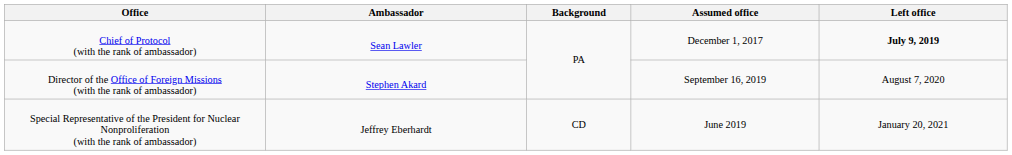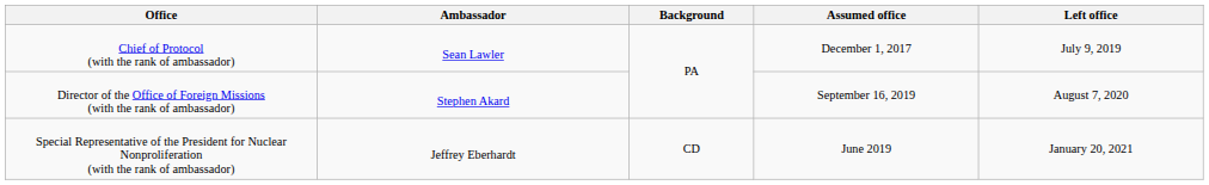 <table class="wikitable sortable" style="text-align:center">
 <tr>
 <th style="width:25%;">Office</th>
 <th style="width:25%;">Ambassador</th>
 <th style="width:10%;">Background</th>
 <th style="width:18%;">Assumed office</th>
 <th style="width:18%;">Left office</th>
 </tr>
 <tr>
 <td><br><a href='#'>Chief of Protocol</a><br>(with the rank of ambassador)</td>
 <td><br><a href='#'>Sean Lawler</a></td>
 <td rowspan="2">PA</td>
 <td>December 1, 2017<br></td>
-<td><strong>July 9, 2019</strong></td>
+<td>July 9, 2019</td>
 </tr>
 <tr>
 <td><br>Director of the <a href='#'>Office of Foreign Missions</a><br>(with the rank of ambassador)</td>
 <td><br><a href='#'>Stephen Akard</a></td>
 <td>September 16, 2019<br></td>
 <td>August 7, 2020</td>
 </tr>
 <tr>
 <td><br>Special Representative of the President for Nuclear Nonproliferation<br>(with the rank of ambassador)</td>
 <td><br>Jeffrey Eberhardt</td>
 <td>CD</td>
 <td>June 2019<br></td>
 <td>January 20, 2021</td>
 </tr>
 </table>
